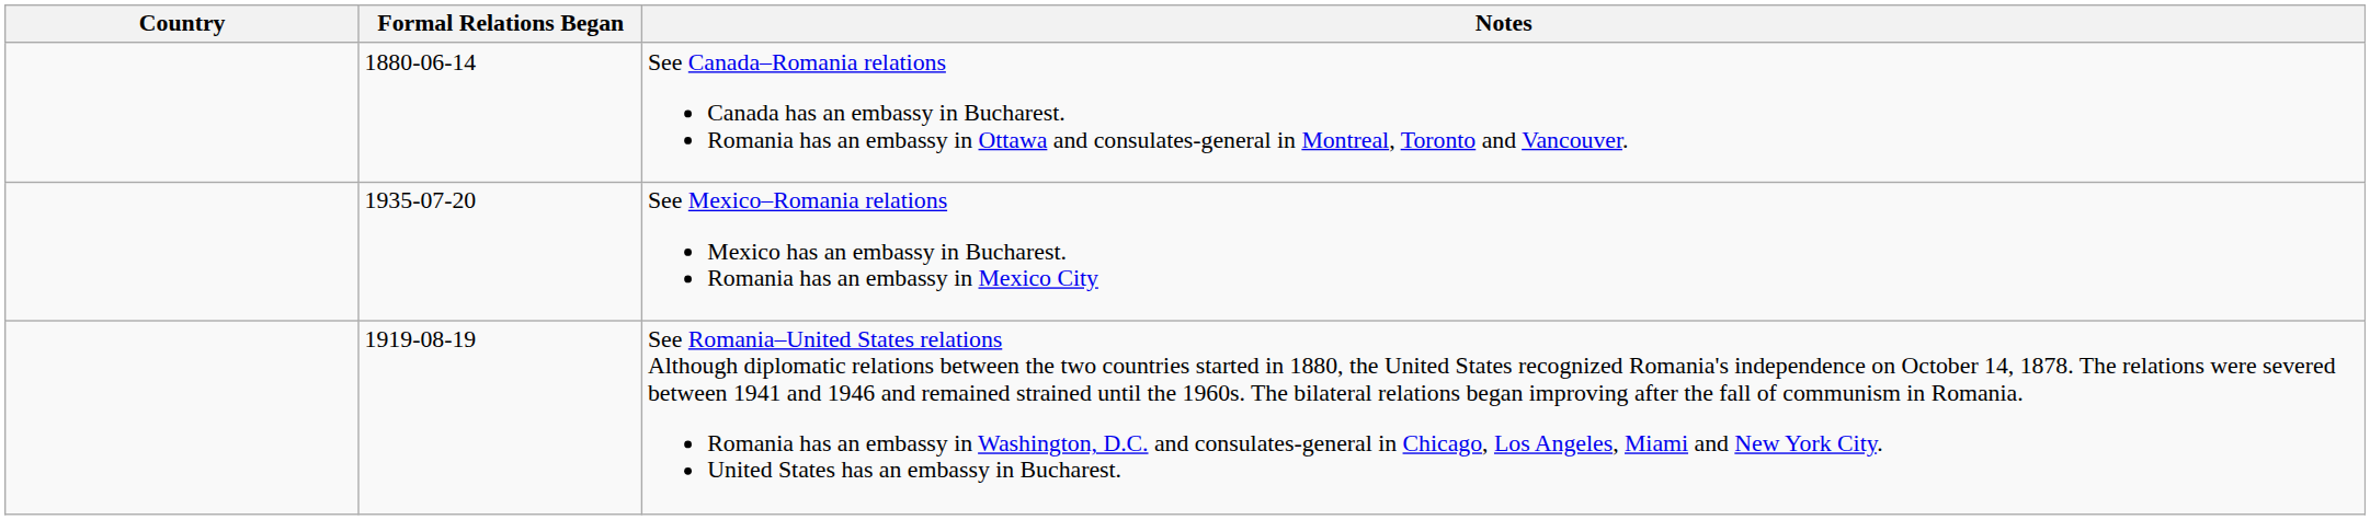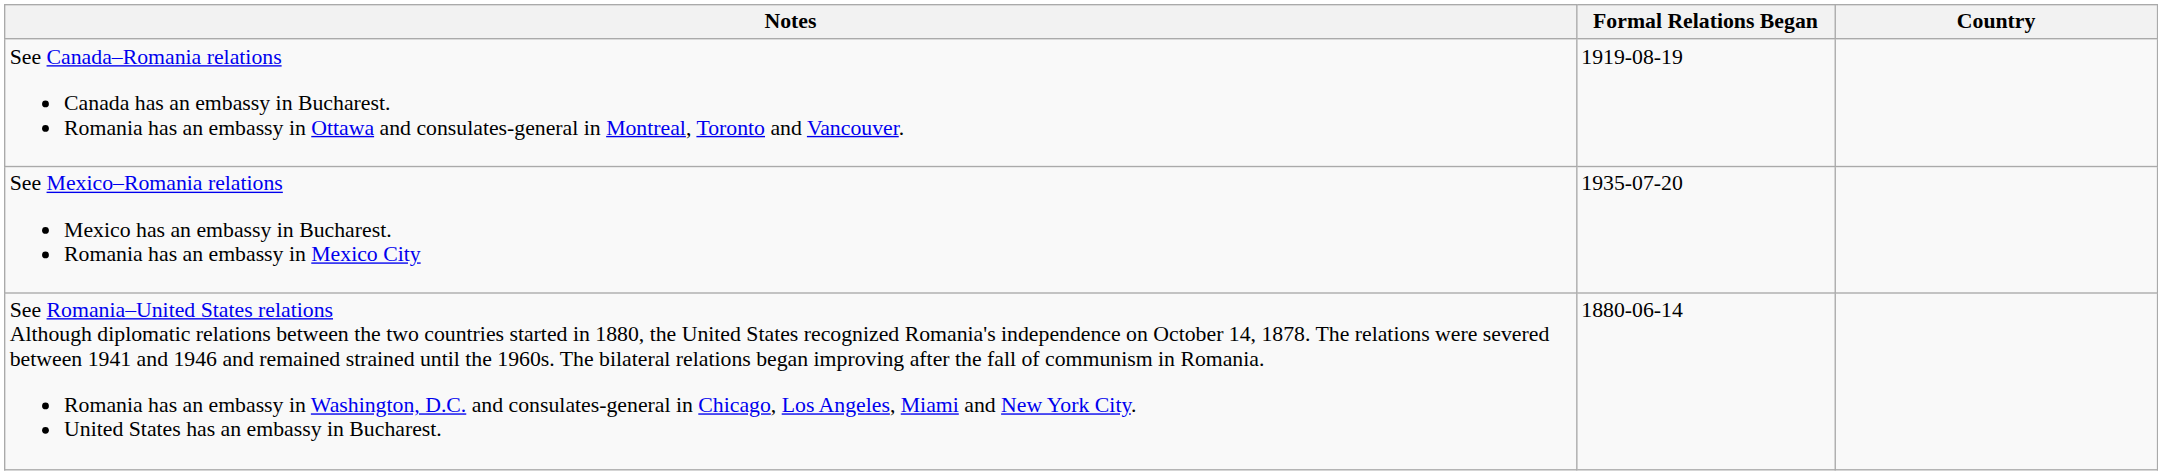 <table class="wikitable sortable" style="width:100%; margin:auto;">
 <tr>
+<th>Notes</th>
+<th style="width:12%;">Formal Relations Began</th>
 <th style="width:15%;">Country</th>
-<th style="width:12%;">Formal Relations Began</th>
-<th>Notes</th>
 </tr>
 <tr valign="top">
+<td>See <a href='#'>Canada–Romania relations</a><br><ul><li>Canada has an embassy in Bucharest.</li><li>Romania has an embassy in <a href='#'>Ottawa</a> and consulates-general in <a href='#'>Montreal</a>, <a href='#'>Toronto</a> and <a href='#'>Vancouver</a>.</li></ul></td>
+<td>1919-08-19</td>
 <td></td>
-<td>1880-06-14</td>
-<td>See <a href='#'>Canada–Romania relations</a><br><ul><li>Canada has an embassy in Bucharest.</li><li>Romania has an embassy in <a href='#'>Ottawa</a> and consulates-general in <a href='#'>Montreal</a>, <a href='#'>Toronto</a> and <a href='#'>Vancouver</a>.</li></ul></td>
 </tr>
 <tr valign="top">
+<td>See <a href='#'>Mexico–Romania relations</a><br><ul><li>Mexico has an embassy in Bucharest.</li><li>Romania has an embassy in <a href='#'>Mexico City</a></li></ul></td>
+<td>1935-07-20</td>
 <td></td>
-<td>1935-07-20</td>
-<td>See <a href='#'>Mexico–Romania relations</a><br><ul><li>Mexico has an embassy in Bucharest.</li><li>Romania has an embassy in <a href='#'>Mexico City</a></li></ul></td>
 </tr>
 <tr valign="top">
+<td>See <a href='#'>Romania–United States relations</a><br>Although diplomatic relations between the two countries started in 1880, the United States recognized Romania's independence on October 14, 1878. The relations were severed between 1941 and 1946 and remained strained until the 1960s. The bilateral relations began improving after the fall of communism in Romania.<ul><li>Romania has an embassy in <a href='#'>Washington, D.C.</a> and consulates-general in <a href='#'>Chicago</a>, <a href='#'>Los Angeles</a>, <a href='#'>Miami</a> and <a href='#'>New York City</a>.</li><li>United States has an embassy in Bucharest.</li></ul></td>
+<td>1880-06-14</td>
 <td></td>
-<td>1919-08-19</td>
-<td>See <a href='#'>Romania–United States relations</a><br>Although diplomatic relations between the two countries started in 1880, the United States recognized Romania's independence on October 14, 1878. The relations were severed between 1941 and 1946 and remained strained until the 1960s. The bilateral relations began improving after the fall of communism in Romania.<ul><li>Romania has an embassy in <a href='#'>Washington, D.C.</a> and consulates-general in <a href='#'>Chicago</a>, <a href='#'>Los Angeles</a>, <a href='#'>Miami</a> and <a href='#'>New York City</a>.</li><li>United States has an embassy in Bucharest.</li></ul></td>
 </tr>
 </table>
